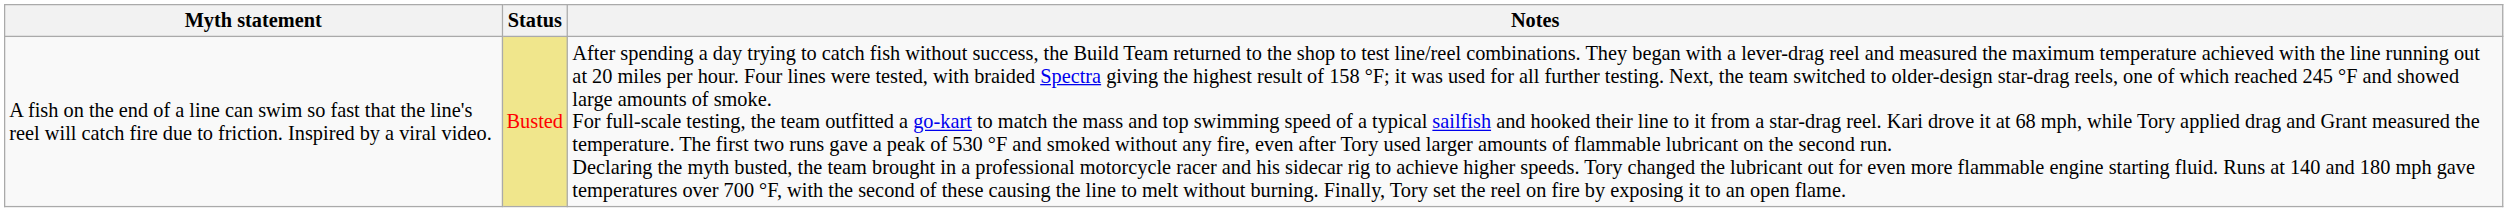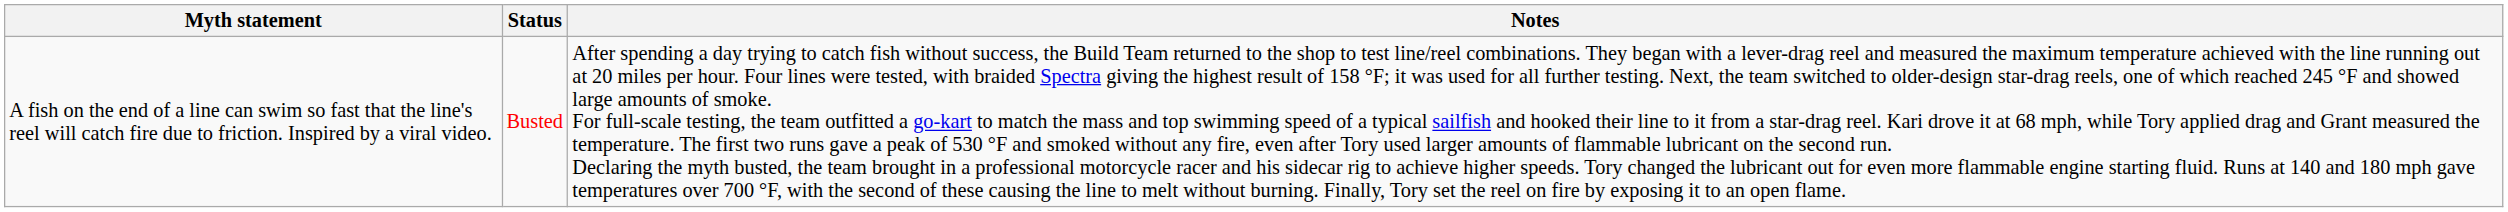 <table class="wikitable plainrowheaders">
 <tr>
 <th>Myth statement</th>
 <th>Status</th>
 <th>Notes</th>
 </tr>
 <tr>
 <td>A fish on the end of a line can swim so fast that the line's reel will catch fire due to friction. Inspired by a viral video.</td>
-<td style="background: khaki; color:red">Busted</td>
+<td style="color:red">Busted</td>
 <td>After spending a day trying to catch fish without success, the Build Team returned to the shop to test line/reel combinations. They began with a lever-drag reel and measured the maximum temperature achieved with the line running out at 20 miles per hour. Four lines were tested, with braided <a href='#'>Spectra</a> giving the highest result of 158 °F; it was used for all further testing. Next, the team switched to older-design star-drag reels, one of which reached 245 °F and showed large amounts of smoke.<br>For full-scale testing, the team outfitted a <a href='#'>go-kart</a> to match the mass and top swimming speed of a typical <a href='#'>sailfish</a> and hooked their line to it from a star-drag reel. Kari drove it at 68 mph, while Tory applied drag and Grant measured the temperature. The first two runs gave a peak of 530 °F and smoked without any fire, even after Tory used larger amounts of flammable lubricant on the second run.<br>Declaring the myth busted, the team brought in a professional motorcycle racer and his sidecar rig to achieve higher speeds. Tory changed the lubricant out for even more flammable engine starting fluid. Runs at 140 and 180 mph gave temperatures over 700 °F, with the second of these causing the line to melt without burning. Finally, Tory set the reel on fire by exposing it to an open flame.</td>
 </tr>
 </table>
